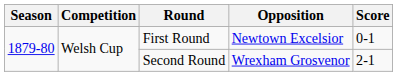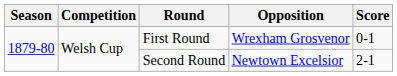 <table class="wikitable">
 <tr>
 <th>Season</th>
 <th>Competition</th>
 <th>Round</th>
 <th>Opposition</th>
 <th>Score</th>
 </tr>
 <tr>
 <td rowspan="2"><a href='#'>1879-80</a></td>
 <td rowspan="2">Welsh Cup</td>
 <td>First Round</td>
-<td><a href='#'>Newtown Excelsior</a></td>
+<td><a href='#'>Wrexham Grosvenor</a></td>
 <td>0-1</td>
 </tr>
 <tr>
 <td>Second Round</td>
-<td><a href='#'>Wrexham Grosvenor</a></td>
+<td><a href='#'>Newtown Excelsior</a></td>
 <td>2-1</td>
 </tr>
 </table>
